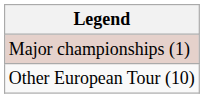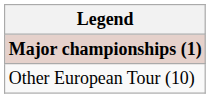 <table class="wikitable" style="font-size:95%;">
 <tr>
 <th>Legend</th>
 </tr>
 <tr style="background:#e5d1cb;">
-<td>Major championships (1)</td>
+<td><strong>Major championships (1)</strong></td>
 </tr>
 <tr style="background:;">
 <td>Other European Tour (10)</td>
 </tr>
 </table>
